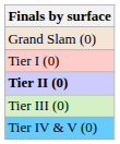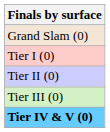 <table class="wikitable sortable mw-collapsible mw-collapsed">
 <tr>
 <th>Finals by surface</th>
 </tr>
 <tr style="background:#f3e6d7;">
 <td>Grand Slam (0)</td>
 </tr>
 <tr style="background:#fcc;">
 <td>Tier I (0)</td>
 </tr>
 <tr style="background:#ccf;">
-<td><strong>Tier II (0)</strong></td>
+<td>Tier II (0)</td>
 </tr>
 <tr style="background:#d4f1c5;">
 <td>Tier III (0)</td>
 </tr>
 <tr style="background:#6cf;">
-<td>Tier IV & V (0)</td>
+<td><strong>Tier IV & V (0)</strong></td>
 </tr>
 </table>
